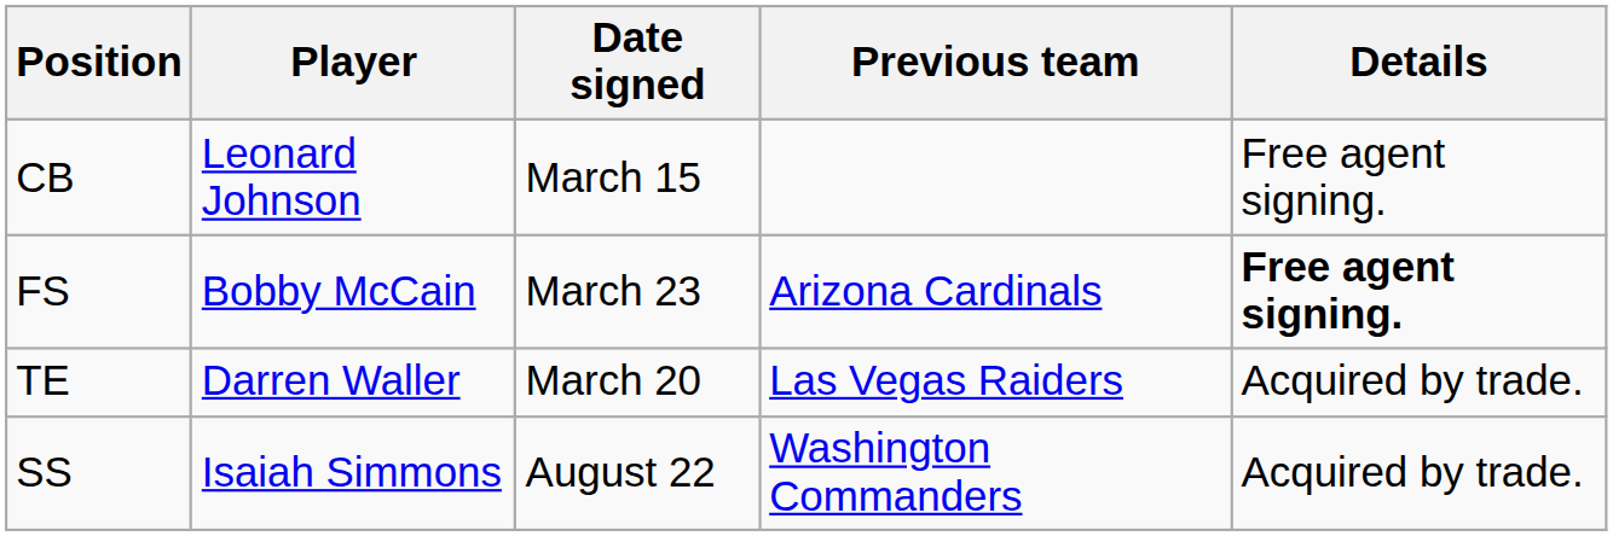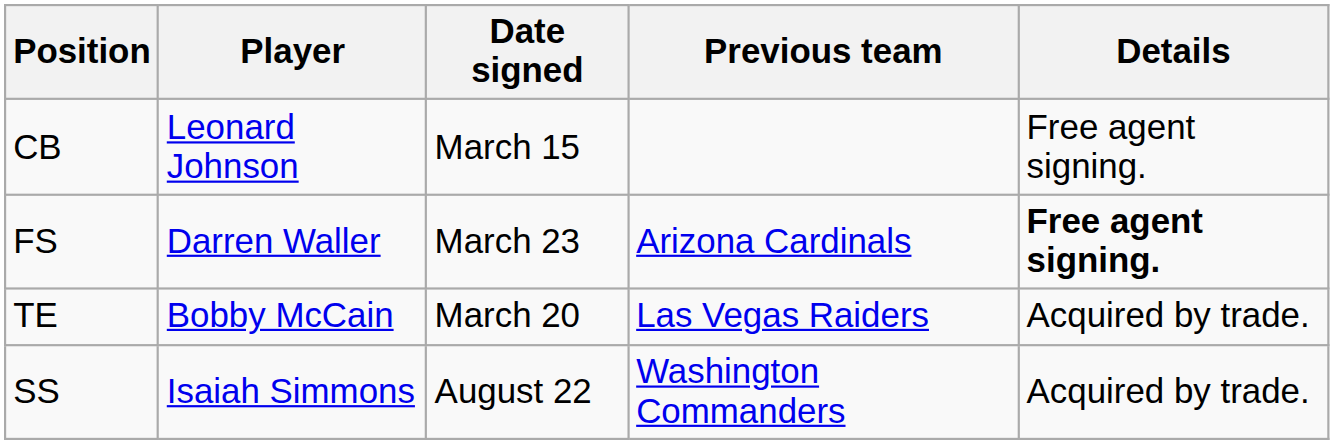 <table class="wikitable">
 <tr>
 <th>Position</th>
 <th>Player</th>
 <th>Date signed</th>
 <th>Previous team</th>
 <th>Details</th>
 </tr>
 <tr>
 <td>CB</td>
 <td><a href='#'>Leonard Johnson</a></td>
 <td>March 15</td>
 <td></td>
 <td>Free agent signing.</td>
 </tr>
 <tr>
 <td>FS</td>
-<td><a href='#'>Bobby McCain</a></td>
+<td><a href='#'>Darren Waller</a></td>
 <td>March 23</td>
 <td><a href='#'>Arizona Cardinals</a></td>
 <td><strong>Free agent signing.</strong></td>
 </tr>
 <tr>
 <td>TE</td>
-<td><a href='#'>Darren Waller</a></td>
+<td><a href='#'>Bobby McCain</a></td>
 <td>March 20</td>
 <td><a href='#'>Las Vegas Raiders</a></td>
 <td>Acquired by trade.</td>
 </tr>
 <tr>
 <td>SS</td>
 <td><a href='#'>Isaiah Simmons</a></td>
 <td>August 22</td>
 <td><a href='#'>Washington Commanders</a></td>
 <td>Acquired by trade.</td>
 </tr>
 </table>
